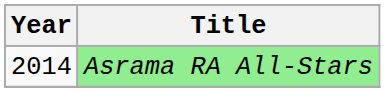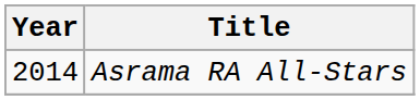 <table class="wikitable">
 <tr>
 <th>Year</th>
 <th>Title</th>
 </tr>
 <tr>
 <td>2014</td>
-<td style="background: lightgreen;"><em>Asrama RA All-Stars</em></td>
+<td><em>Asrama RA All-Stars</em></td>
 </tr>
 <tr>
 </tr>
 </table>
